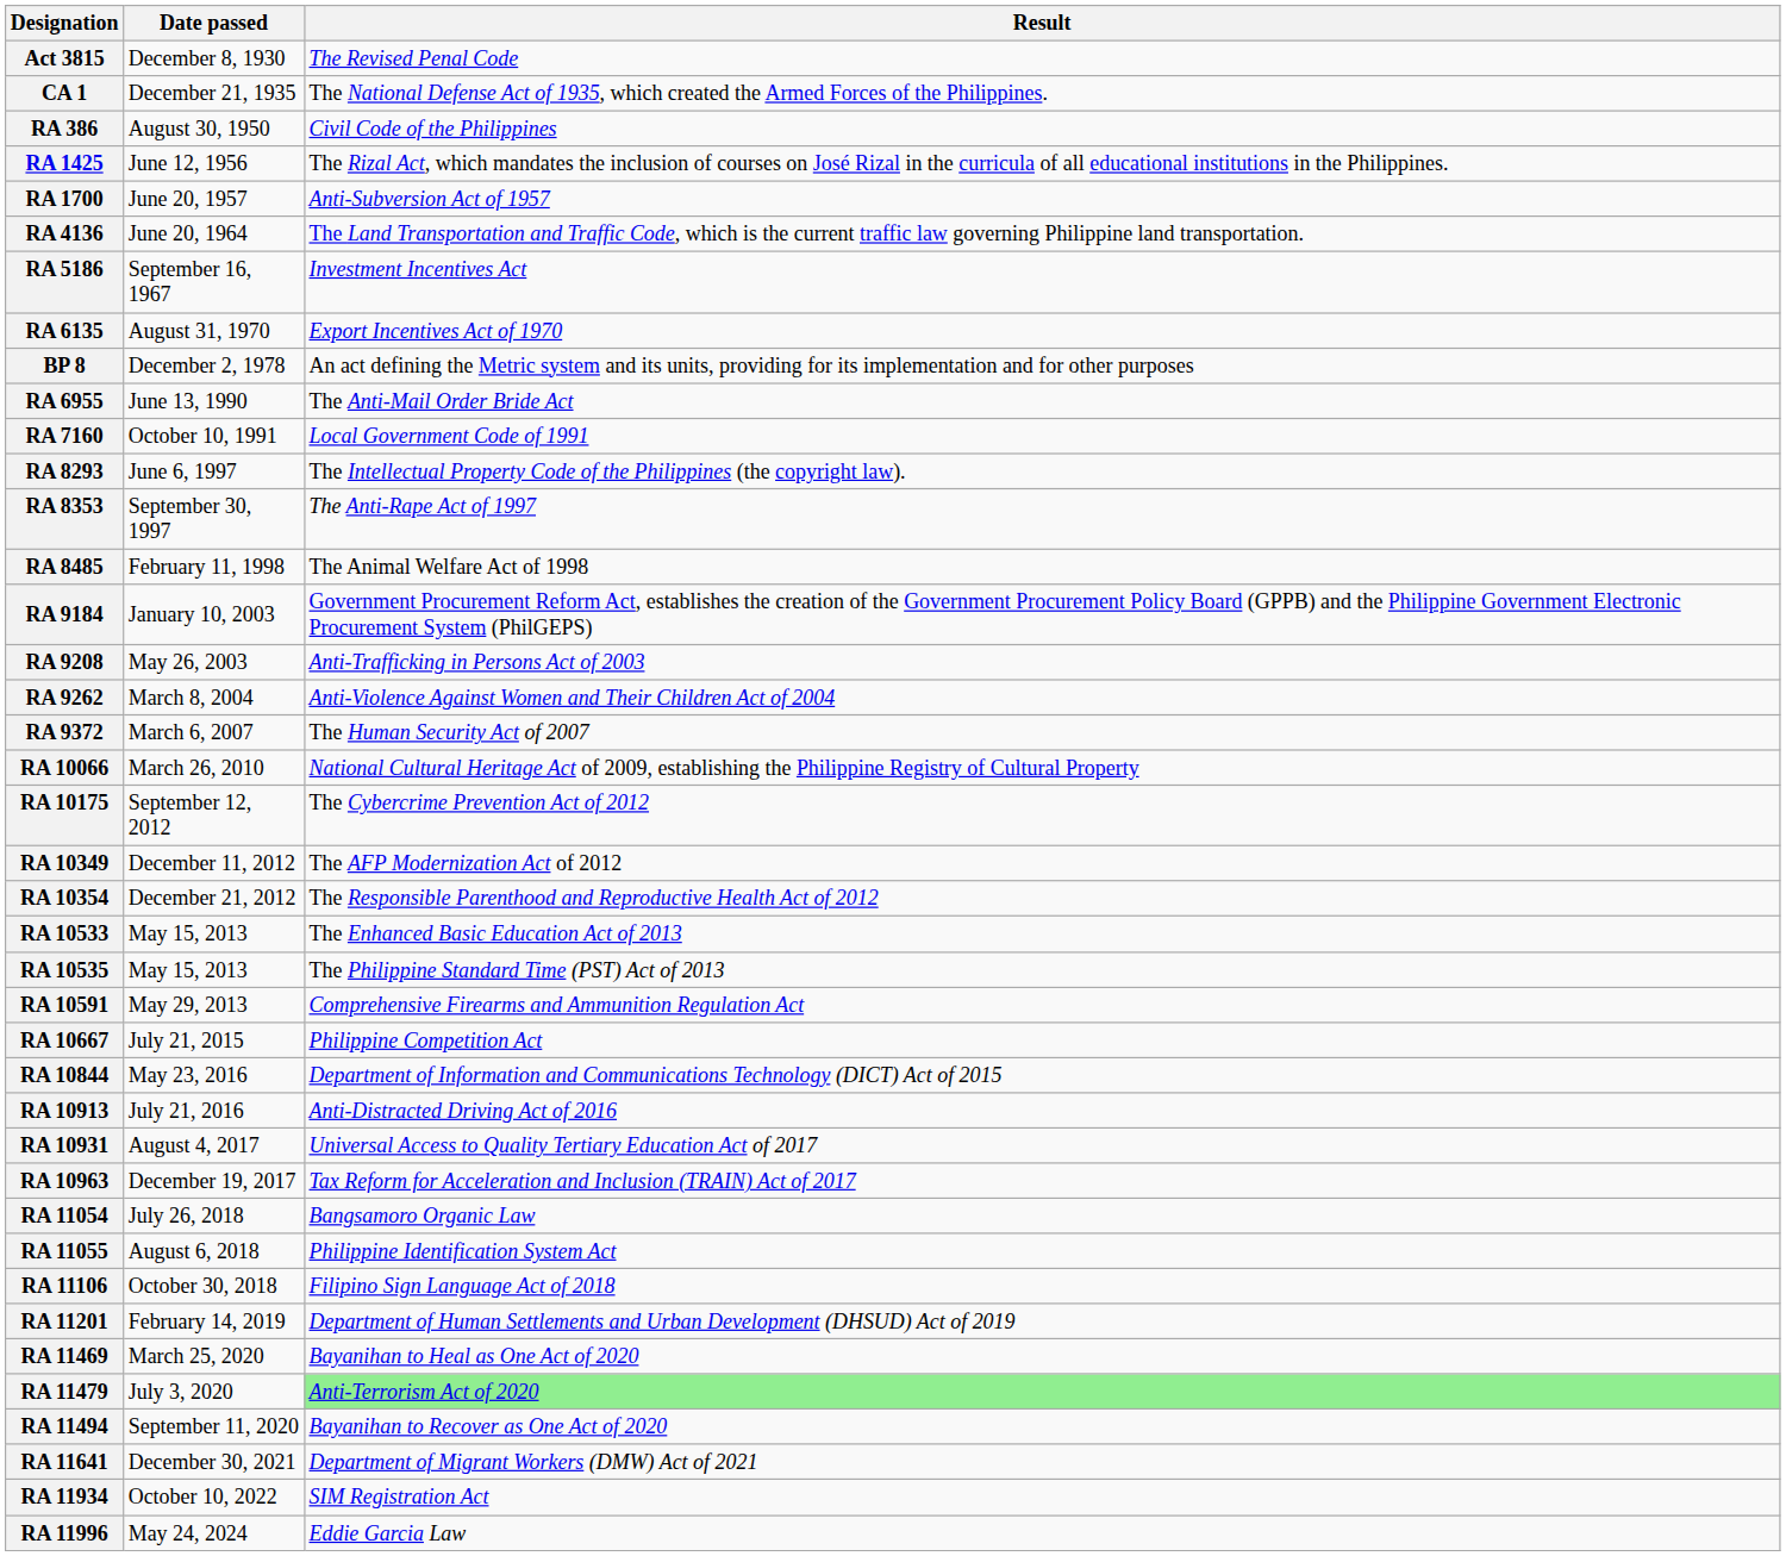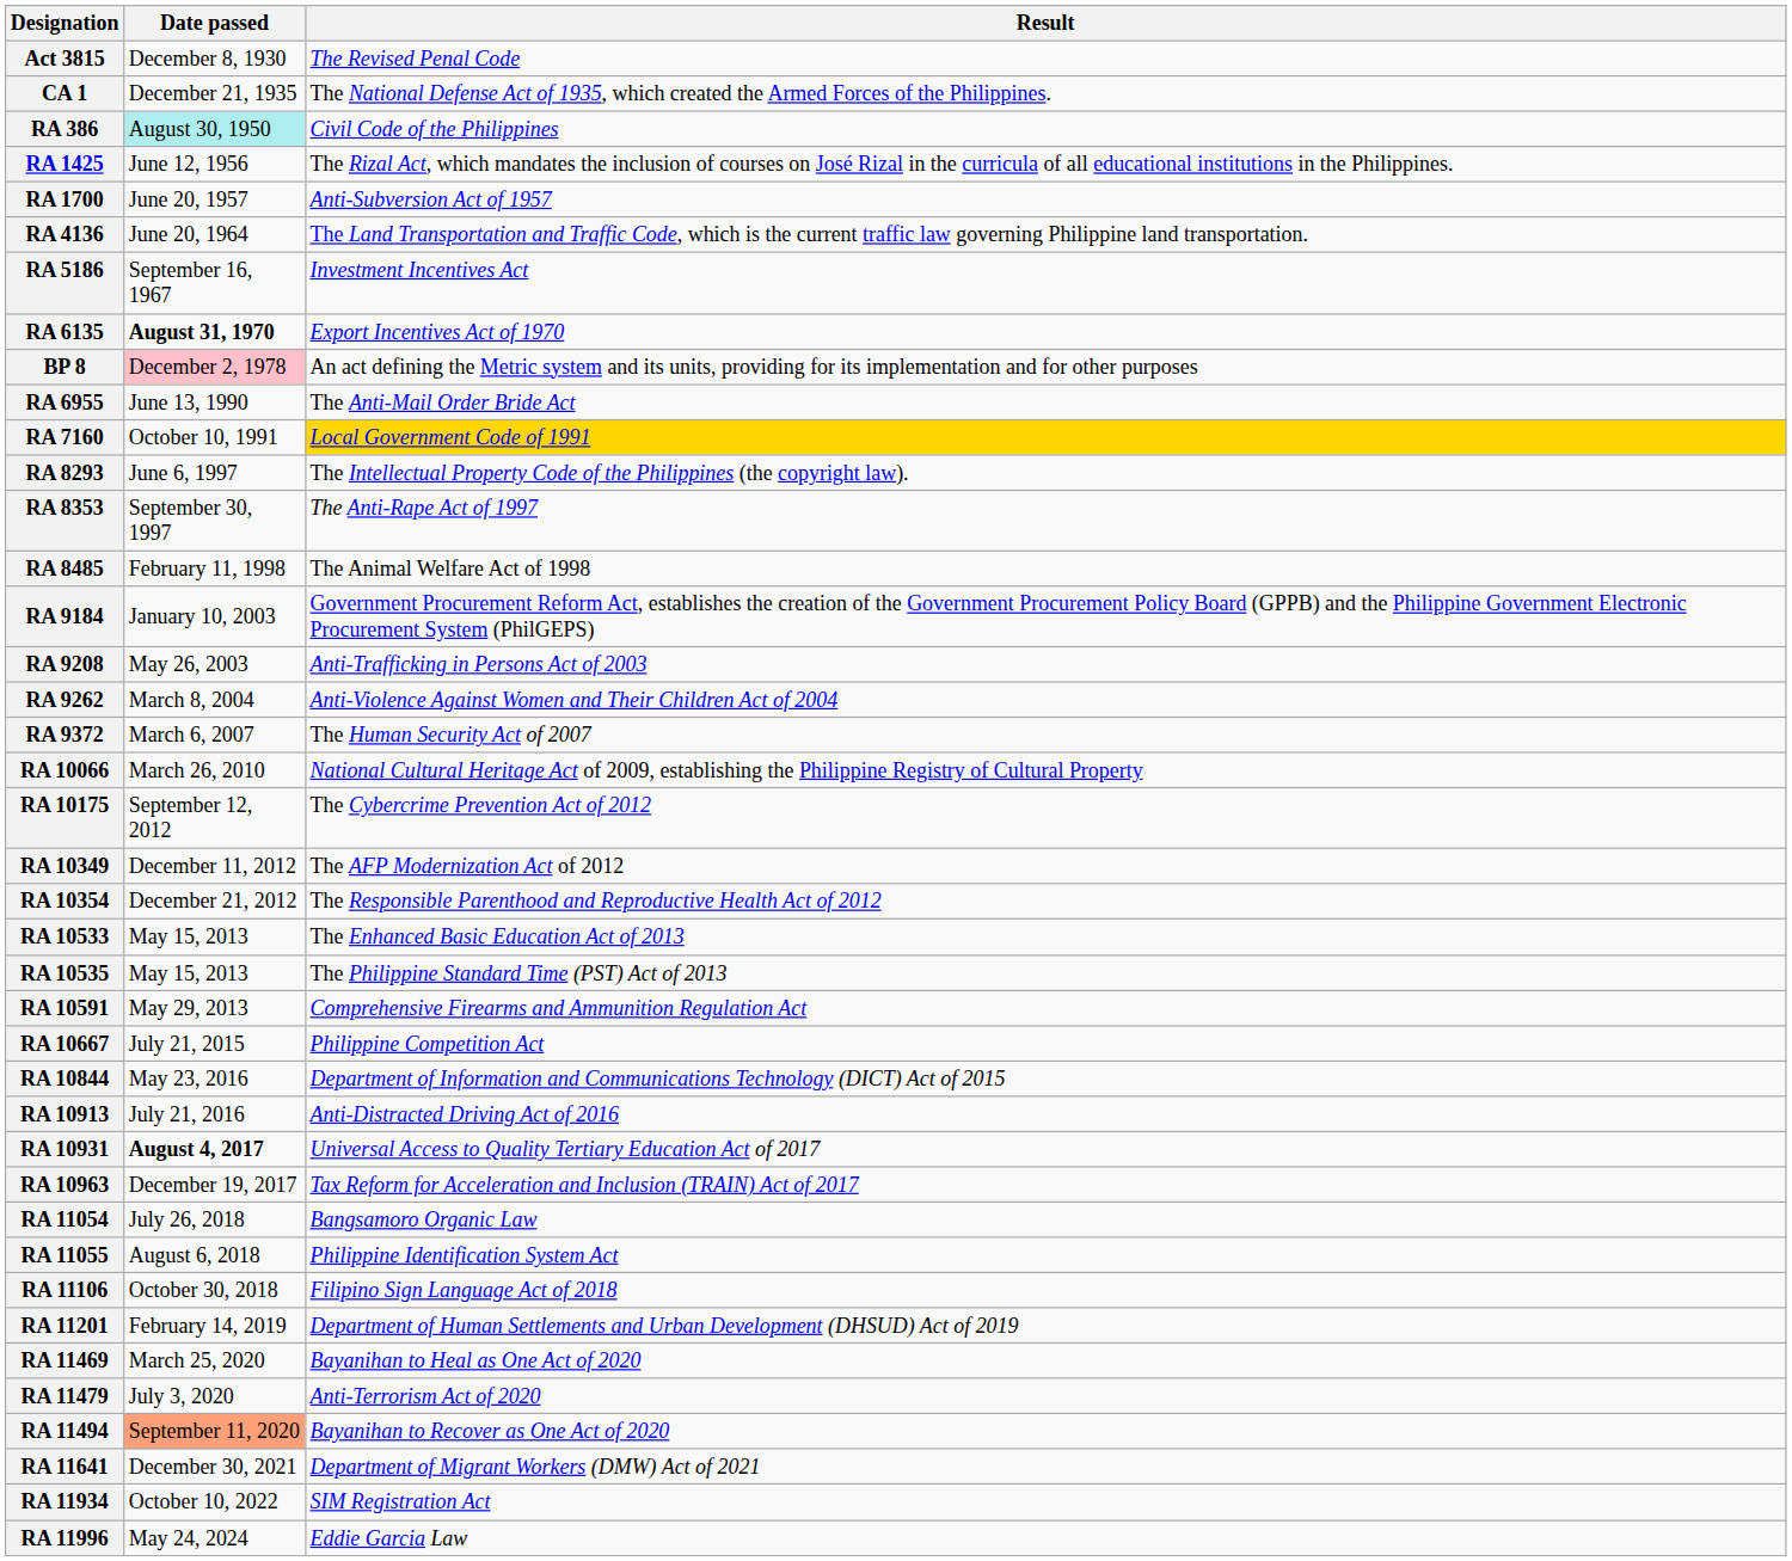 <table class="wikitable sortable collapsible" style="width: 100%; margin: auto; font-size: 95%; vertical-align: top">
 <tr>
 <th scope="col">Designation</th>
 <th scope="col" style="width: 8em;" data-sort-type="date">Date passed</th>
 <th scope="col" class="unsortable">Result</th>
 </tr>
 <tr style="vertical-align: top;">
 <th scope="row">Act 3815</th>
 <td text-align="right">December 8, 1930</td>
 <td><em><a href='#'>The Revised Penal Code</a></em></td>
 </tr>
 <tr style="vertical-align: top;">
 <th scope="row">CA 1</th>
 <td text-align="right">December 21, 1935</td>
 <td>The <em><a href='#'>National Defense Act of 1935</a></em>, which created the <a href='#'>Armed Forces of the Philippines</a>.</td>
 </tr>
 <tr>
 <th>RA 386</th>
-<td>August 30, 1950</td>
+<td style="background: paleturquoise;">August 30, 1950</td>
 <td><em><a href='#'>Civil Code of the Philippines</a></em></td>
 </tr>
 <tr style="vertical-align: top;">
 <th scope="row"><a href='#'>RA 1425</a></th>
 <td text-align="right">June 12, 1956</td>
 <td>The <em><a href='#'>Rizal Act</a></em>, which mandates the inclusion of courses on <a href='#'>José Rizal</a> in the <a href='#'>curricula</a> of all <a href='#'>educational institutions</a> in the Philippines.</td>
 </tr>
 <tr>
 <th>RA 1700</th>
 <td>June 20, 1957</td>
 <td><em><a href='#'>Anti-Subversion Act of 1957</a></em></td>
 </tr>
 <tr>
 <th>RA 4136</th>
 <td>June 20, 1964</td>
 <td><a href='#'>The <em>Land Transportation and Traffic Code</em></a>, which is the current <a href='#'>traffic law</a> governing Philippine land transportation.</td>
 </tr>
 <tr style="vertical-align: top;">
 <th scope="row">RA 5186</th>
 <td text-align="right">September 16, 1967</td>
 <td><em><a href='#'>Investment Incentives Act</a></em></td>
 </tr>
 <tr style="vertical-align: top;">
 <th scope="row">RA 6135</th>
-<td text-align="right">August 31, 1970</td>
+<td text-align="right"><strong>August 31, 1970</strong></td>
 <td><em><a href='#'>Export Incentives Act of 1970</a></em></td>
 </tr>
 <tr style="vertical-align: top;">
 <th scope="row">BP 8</th>
-<td text-align="right">December 2, 1978</td>
+<td text-align="right" style="background: pink;">December 2, 1978</td>
 <td>An act defining the <a href='#'>Metric system</a> and its units, providing for its implementation and for other purposes</td>
 </tr>
 <tr style="vertical-align: top;">
 <th scope="row">RA 6955</th>
 <td text-align="right">June 13, 1990</td>
 <td>The <em><a href='#'>Anti-Mail Order Bride Act</a></em></td>
 </tr>
 <tr style="vertical-align: top;">
 <th scope="row">RA 7160</th>
 <td text-align="right">October 10, 1991</td>
-<td><em><a href='#'>Local Government Code of 1991</a></em></td>
+<td style="background: gold;"><em><a href='#'>Local Government Code of 1991</a></em></td>
 </tr>
 <tr style="vertical-align: top;">
 <th scope="row">RA 8293</th>
 <td text-align="right">June 6, 1997</td>
 <td>The <em><a href='#'>Intellectual Property Code of the Philippines</a></em> (the <a href='#'>copyright law</a>).</td>
 </tr>
 <tr style="vertical-align: top;">
 <th scope="row">RA 8353</th>
 <td text-align="right">September 30, 1997</td>
 <td><em>The <a href='#'>Anti-Rape Act of 1997</a></em></td>
 </tr>
 <tr>
 <th>RA 8485</th>
 <td>February 11, 1998</td>
 <td>The Animal Welfare Act of 1998</td>
 </tr>
 <tr>
 <th>RA 9184</th>
 <td>January 10, 2003</td>
 <td><a href='#'>Government Procurement Reform Act</a>, establishes the creation of the <a href='#'>Government Procurement Policy Board</a> (GPPB) and the <a href='#'>Philippine Government Electronic Procurement System</a> (PhilGEPS)</td>
 </tr>
 <tr style="vertical-align: top;">
 <th scope="row">RA 9208</th>
 <td text-align="right">May 26, 2003</td>
 <td><em><a href='#'>Anti-Trafficking in Persons Act of 2003</a></em></td>
 </tr>
 <tr style="vertical-align: top;">
 <th scope="row">RA 9262</th>
 <td text-align="right">March 8, 2004</td>
 <td><em><a href='#'>Anti-Violence Against Women and Their Children Act of 2004</a></em></td>
 </tr>
 <tr style="vertical-align: top;">
 <th scope="row">RA 9372</th>
 <td text-align="right">March 6, 2007</td>
 <td>The <em><a href='#'>Human Security Act</a> of 2007</em></td>
 </tr>
 <tr style="vertical-align: top;">
 <th scope="row">RA 10066</th>
 <td text-align="right">March 26, 2010</td>
 <td><em><a href='#'>National Cultural Heritage Act</a></em> of 2009, establishing the <a href='#'>Philippine Registry of Cultural Property</a></td>
 </tr>
 <tr style="vertical-align: top;">
 <th scope="row">RA 10175</th>
 <td text-align="right">September 12, 2012</td>
 <td>The <em><a href='#'>Cybercrime Prevention Act of 2012</a></em></td>
 </tr>
 <tr style="vertical-align: top;">
 <th scope="row">RA 10349</th>
 <td text-align="right">December 11, 2012</td>
 <td>The <em><a href='#'>AFP Modernization Act</a></em> of 2012</td>
 </tr>
 <tr style="vertical-align: top;">
 <th scope="row">RA 10354</th>
 <td text-align="right">December 21, 2012</td>
 <td>The <em><a href='#'>Responsible Parenthood and Reproductive Health Act of 2012</a></em></td>
 </tr>
 <tr style="vertical-align: top;">
 <th scope="row">RA 10533</th>
 <td text-align="right">May 15, 2013</td>
 <td>The <em><a href='#'>Enhanced Basic Education Act of 2013</a></em></td>
 </tr>
 <tr style="vertical-align: top;">
 <th scope="row">RA 10535</th>
 <td text-align="right">May 15, 2013</td>
 <td>The <em><a href='#'>Philippine Standard Time</a> (PST) Act of 2013</em></td>
 </tr>
 <tr style="vertical-align: top;">
 <th scope="row">RA 10591</th>
 <td text-align="right">May 29, 2013</td>
 <td><em><a href='#'>Comprehensive Firearms and Ammunition Regulation Act</a></em></td>
 </tr>
 <tr style="vertical-align: top;">
 <th scope="row">RA 10667</th>
 <td text-align="right">July 21, 2015</td>
 <td><em><a href='#'>Philippine Competition Act</a></em></td>
 </tr>
 <tr style="vertical-align: top;">
 <th scope="row">RA 10844</th>
 <td text-align="right">May 23, 2016</td>
 <td><em><a href='#'>Department of Information and Communications Technology</a> (DICT) Act of 2015</em></td>
 </tr>
 <tr style="vertical-align: top;">
 <th scope="row">RA 10913</th>
 <td text-align="right">July 21, 2016</td>
 <td><em><a href='#'>Anti-Distracted Driving Act of 2016</a></em></td>
 </tr>
 <tr style="vertical-align: top;">
 <th scope="row">RA 10931</th>
-<td text-align="right">August 4, 2017</td>
+<td text-align="right"><strong>August 4, 2017</strong></td>
 <td><em><a href='#'>Universal Access to Quality Tertiary Education Act</a> of 2017</em></td>
 </tr>
 <tr style="vertical-align: top;">
 <th scope="row">RA 10963</th>
 <td text-align="right">December 19, 2017</td>
 <td><em><a href='#'>Tax Reform for Acceleration and Inclusion (TRAIN) Act of 2017</a></em></td>
 </tr>
 <tr style="vertical-align: top;">
 <th scope="row">RA 11054</th>
 <td text-align="right">July 26, 2018</td>
 <td><em><a href='#'>Bangsamoro Organic Law</a></em></td>
 </tr>
 <tr style="vertical-align: top;">
 <th scope="row">RA 11055</th>
 <td text-align="right">August 6, 2018</td>
 <td><em><a href='#'>Philippine Identification System Act</a></em></td>
 </tr>
 <tr style="vertical-align: top;">
 <th scope="row">RA 11106</th>
 <td text-align="right">October 30, 2018</td>
 <td><em><a href='#'>Filipino Sign Language Act of 2018</a></em></td>
 </tr>
 <tr style="vertical-align: top;">
 <th scope="row">RA 11201</th>
 <td text-align="right">February 14, 2019</td>
 <td><em><a href='#'>Department of Human Settlements and Urban Development</a> (DHSUD) Act of 2019</em></td>
 </tr>
 <tr style="vertical-align: top;">
 <th scope="row">RA 11469</th>
 <td text-align="right">March 25, 2020</td>
 <td><em><a href='#'>Bayanihan to Heal as One Act of 2020</a></em></td>
 </tr>
 <tr style="vertical-align: top;">
 <th scope="row">RA 11479</th>
 <td text-align="right">July 3, 2020</td>
-<td style="background: lightgreen;"><em><a href='#'>Anti-Terrorism Act of 2020</a></em></td>
+<td><em><a href='#'>Anti-Terrorism Act of 2020</a></em></td>
 </tr>
 <tr style="vertical-align: top;">
 <th scope="row">RA 11494</th>
-<td text-align="right">September 11, 2020</td>
+<td text-align="right" style="background: lightsalmon;">September 11, 2020</td>
 <td><em><a href='#'>Bayanihan to Recover as One Act of 2020</a></em></td>
 </tr>
 <tr style="vertical-align: top;">
 <th scope="row">RA 11641</th>
 <td text-align="right">December 30, 2021</td>
 <td><em><a href='#'>Department of Migrant Workers</a> (DMW) Act of 2021</em></td>
 </tr>
 <tr style="vertical-align: top;">
 <th scope="row">RA 11934</th>
 <td text-align="right">October 10, 2022</td>
 <td><em><a href='#'>SIM Registration Act</a></em></td>
 </tr>
 <tr style="vertical-align: top;">
 <th scope="row">RA 11996</th>
 <td text-align="right">May 24, 2024</td>
 <td><em><a href='#'>Eddie Garcia</a> Law</em></td>
 </tr>
 </table>
